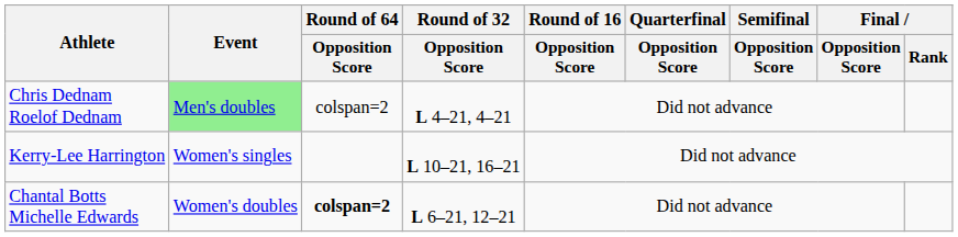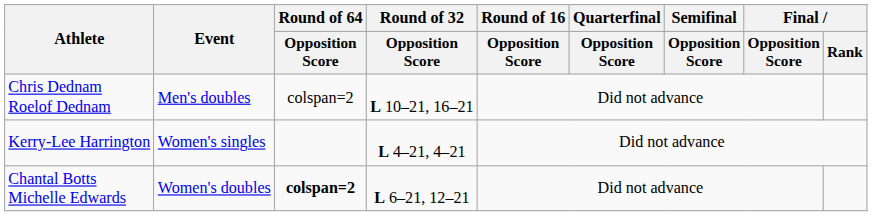 <table class=wikitable style="font-size:90%">
 <tr>
 <th rowspan="2">Athlete</th>
 <th rowspan="2">Event</th>
 <th>Round of 64</th>
 <th>Round of 32</th>
 <th>Round of 16</th>
 <th>Quarterfinal</th>
 <th>Semifinal</th>
 <th colspan=2>Final / </th>
 </tr>
 <tr style="font-size:95%">
 <th>Opposition<br>Score</th>
 <th>Opposition<br>Score</th>
 <th>Opposition<br>Score</th>
 <th>Opposition<br>Score</th>
 <th>Opposition<br>Score</th>
 <th>Opposition<br>Score</th>
 <th>Rank</th>
 </tr>
 <tr align=center>
 <td align=left><a href='#'>Chris Dednam</a><br><a href='#'>Roelof Dednam</a></td>
-<td align=left style="background: lightgreen;"><a href='#'>Men's doubles</a></td>
+<td align=left><a href='#'>Men's doubles</a></td>
 <td>colspan=2 </td>
-<td><br><strong>L</strong> 4–21, 4–21</td>
+<td><br><strong>L</strong> 10–21, 16–21</td>
 <td colspan=4>Did not advance</td>
 </tr>
 <tr align=center>
 <td align=left><a href='#'>Kerry-Lee Harrington</a></td>
 <td align=left><a href='#'>Women's singles</a></td>
 <td></td>
-<td><br><strong>L</strong> 10–21, 16–21</td>
+<td><br><strong>L</strong> 4–21, 4–21</td>
 <td colspan=5>Did not advance</td>
 </tr>
 <tr align=center>
 <td align=left><a href='#'>Chantal Botts</a><br><a href='#'>Michelle Edwards</a></td>
 <td align=left><a href='#'>Women's doubles</a></td>
 <td><strong>colspan=2 </strong></td>
 <td><br><strong>L</strong> 6–21, 12–21</td>
 <td colspan=4>Did not advance</td>
 </tr>
 </table>
